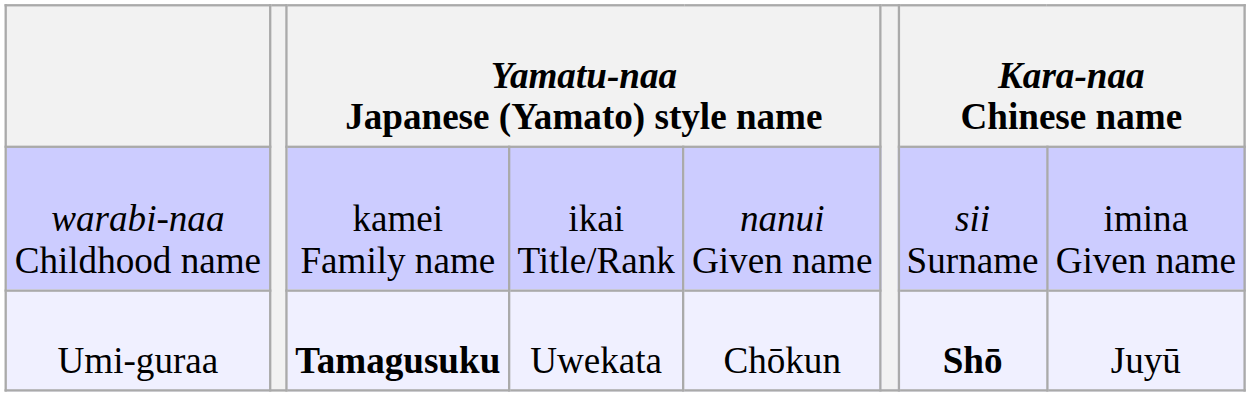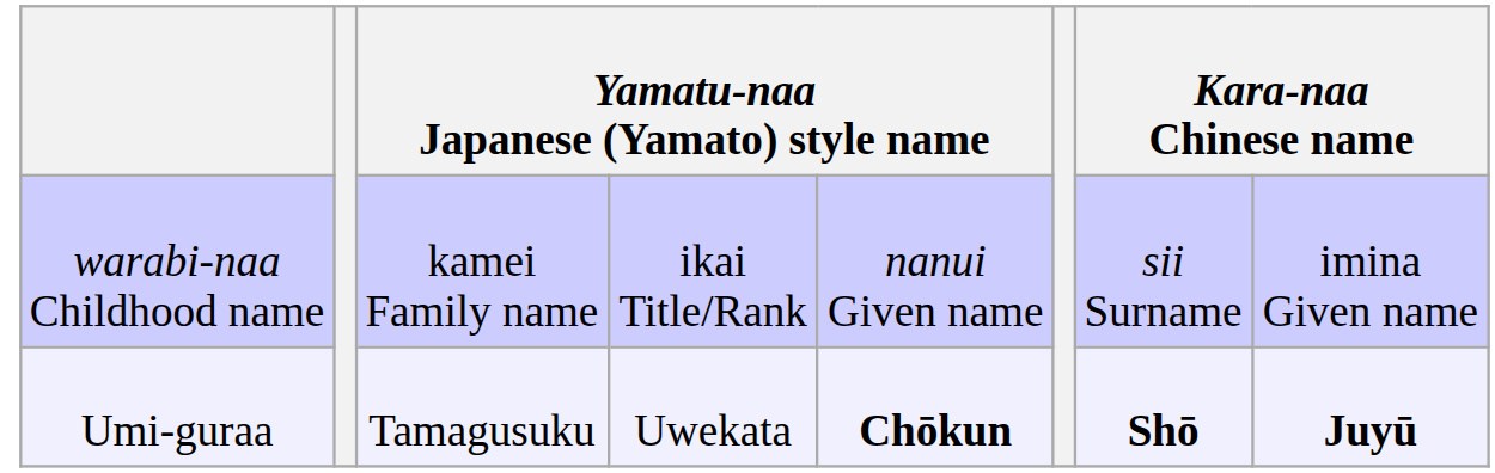 <table class="wikitable" align="right">
 <tr>
 <th align="center" bgcolor="#f0f0ff"></th>
 <th rowspan="3"></th>
 <th colspan="3" align="center" bgcolor="#f0f0ff"><strong></strong><br><em>Yamatu-naa</em><br>Japanese (Yamato) style name</th>
 <th rowspan="3"></th>
 <th colspan="2" align="center" bgcolor="#f0f0ff"><strong></strong><br><em>Kara-naa</em><br>Chinese name</th>
 </tr>
 <tr>
 <td align="center" bgcolor="#ccccff"><strong></strong><br><em>warabi-naa</em><br>Childhood name</td>
 <td align="center" bgcolor="#ccccff"><strong></strong><br>kamei<br>Family name</td>
 <td align="center" bgcolor="#ccccff"><strong></strong><br>ikai<br>Title/Rank</td>
 <td align="center" bgcolor="#ccccff"><strong></strong><br><em>nanui</em><br>Given name</td>
 <td align="center" bgcolor="#ccccff"><strong></strong><br><em>sii</em><br>Surname</td>
 <td align="center" bgcolor="#ccccff"><strong></strong><br>imina<br>Given name</td>
 </tr>
 <tr>
 <td align="center" bgcolor="#f0f0ff"><br>Umi-guraa</td>
-<td align="center" bgcolor="#f0f0ff"><strong><br>Tamagusuku</strong></td>
+<td align="center" bgcolor="#f0f0ff"><br>Tamagusuku</td>
 <td align="center" bgcolor="#f0f0ff"><strong></strong><br>Uwekata</td>
-<td align="center" bgcolor="#f0f0ff"><br>Chōkun</td>
+<td align="center" bgcolor="#f0f0ff"><strong><br>Chōkun</strong></td>
 <td align="center" bgcolor="#f0f0ff"><strong><br>Shō</strong></td>
-<td align="center" bgcolor="#f0f0ff"><br>Juyū</td>
+<td align="center" bgcolor="#f0f0ff"><strong><br>Juyū</strong></td>
 </tr>
 </table>
